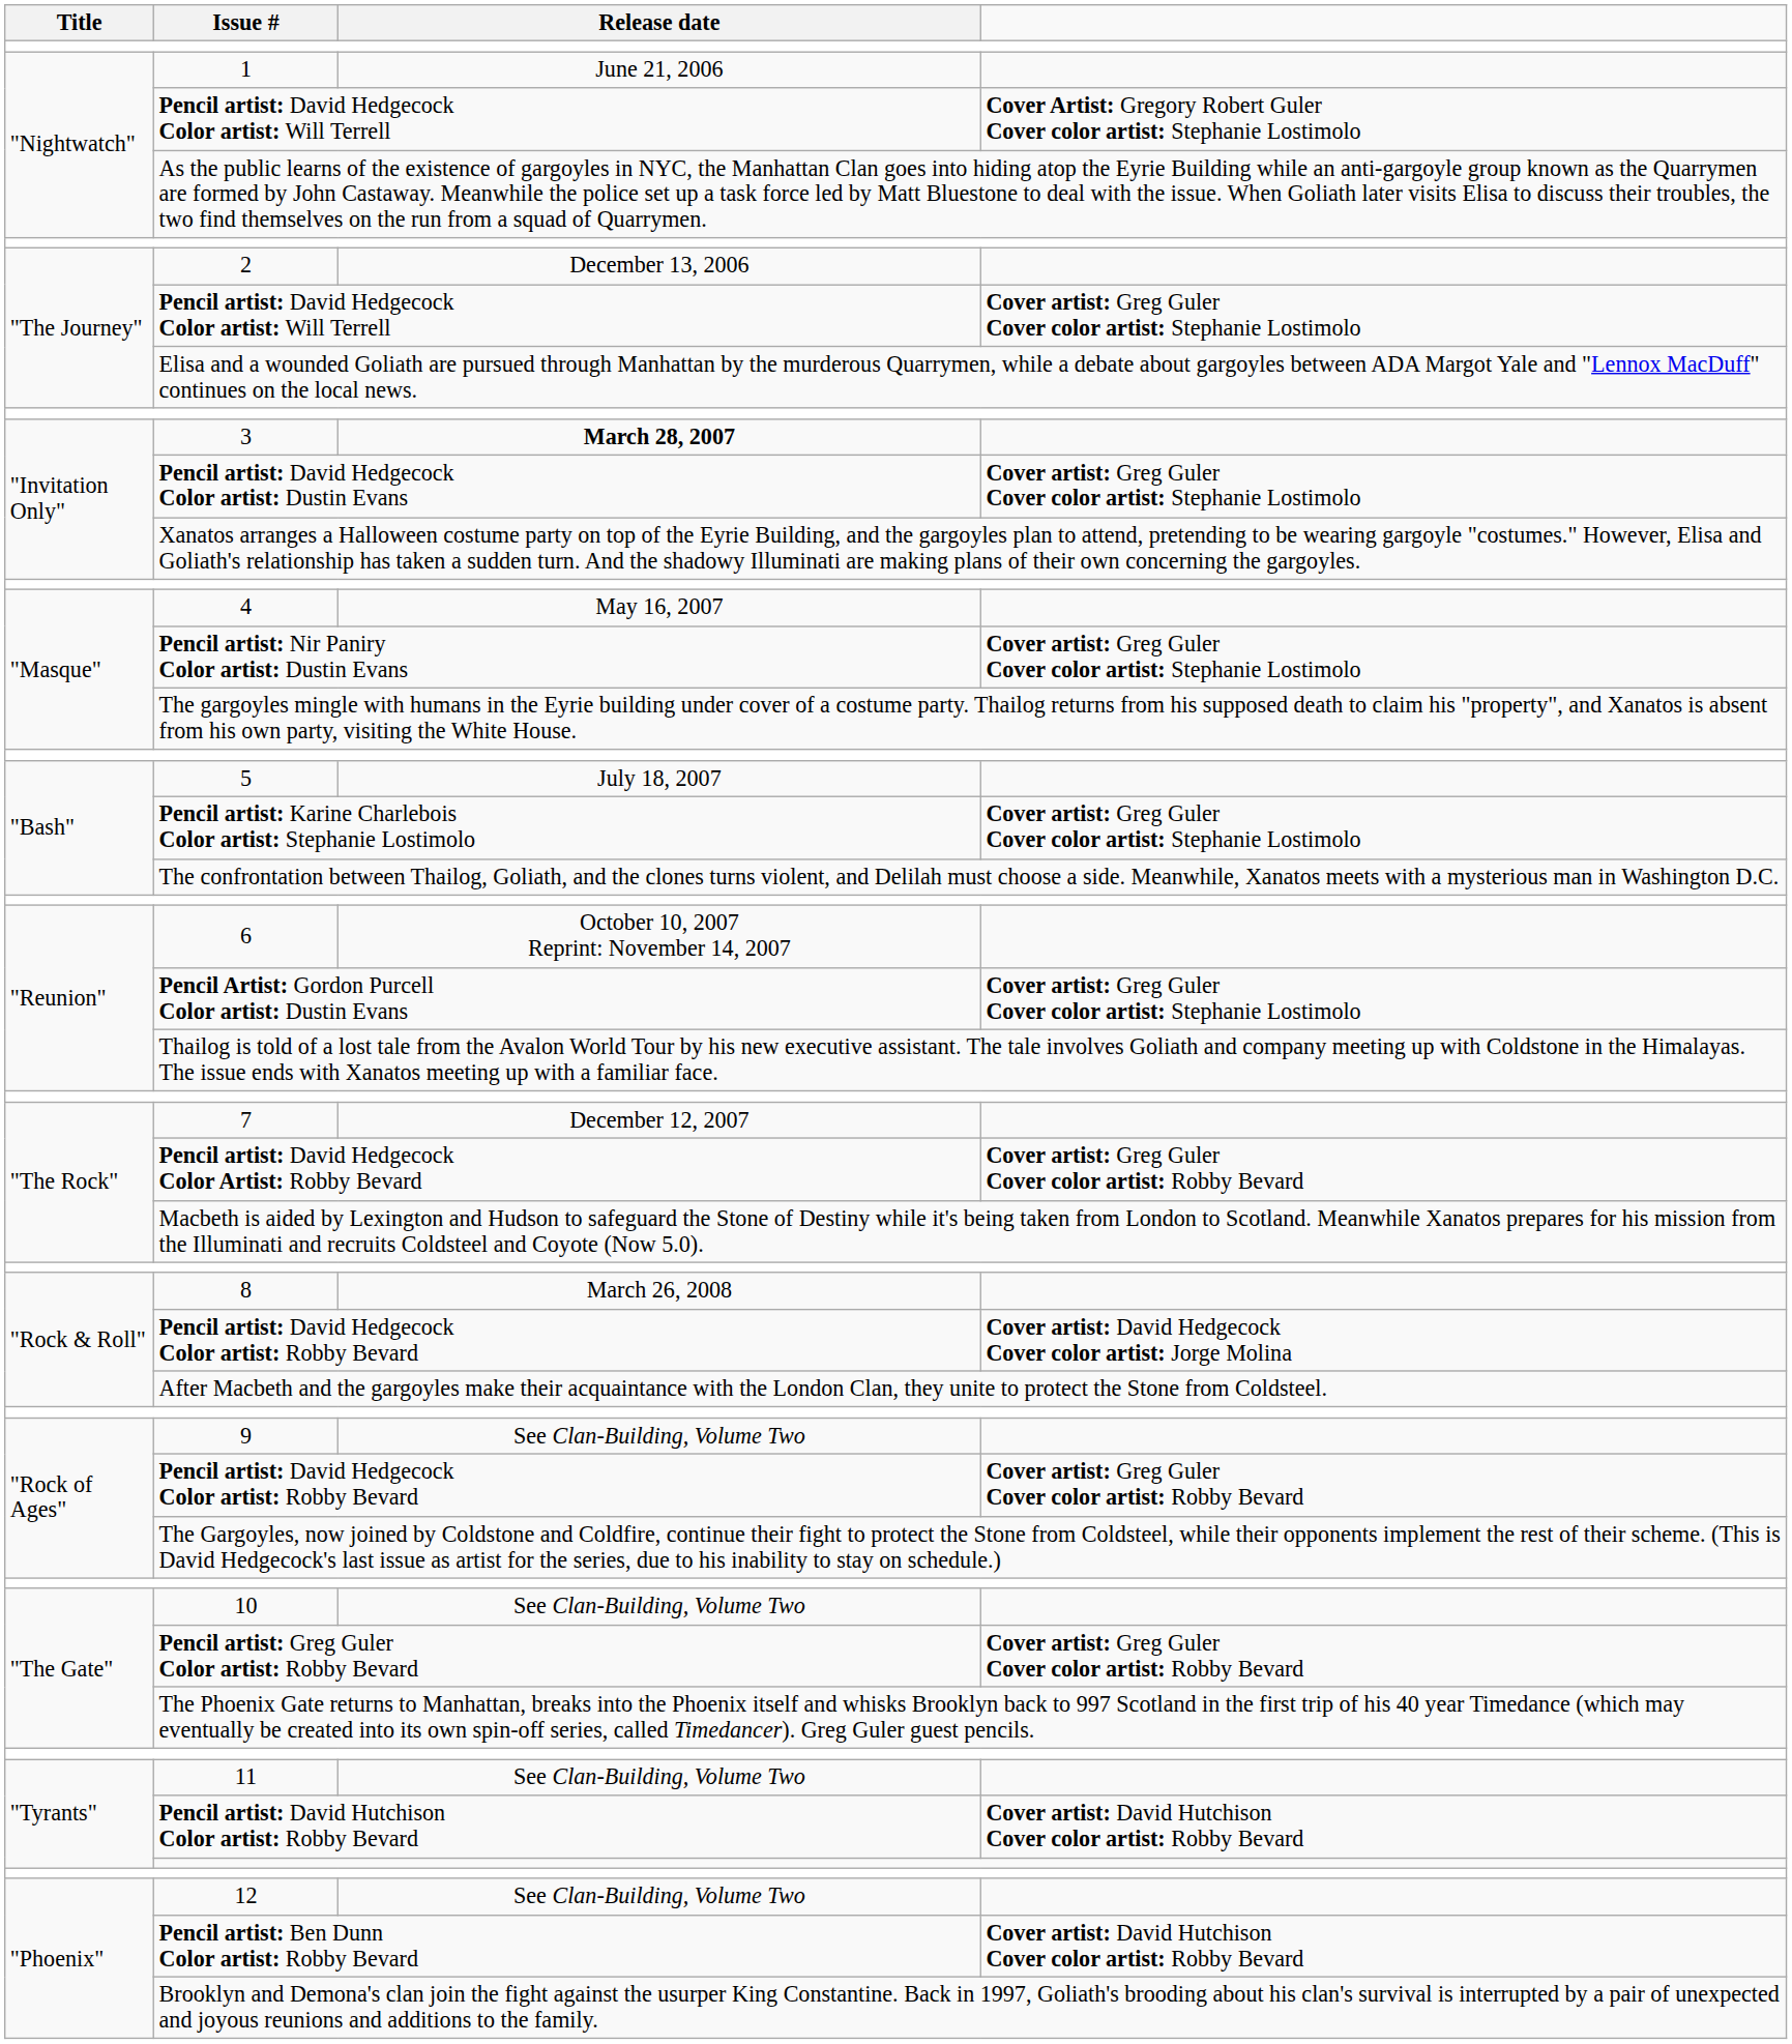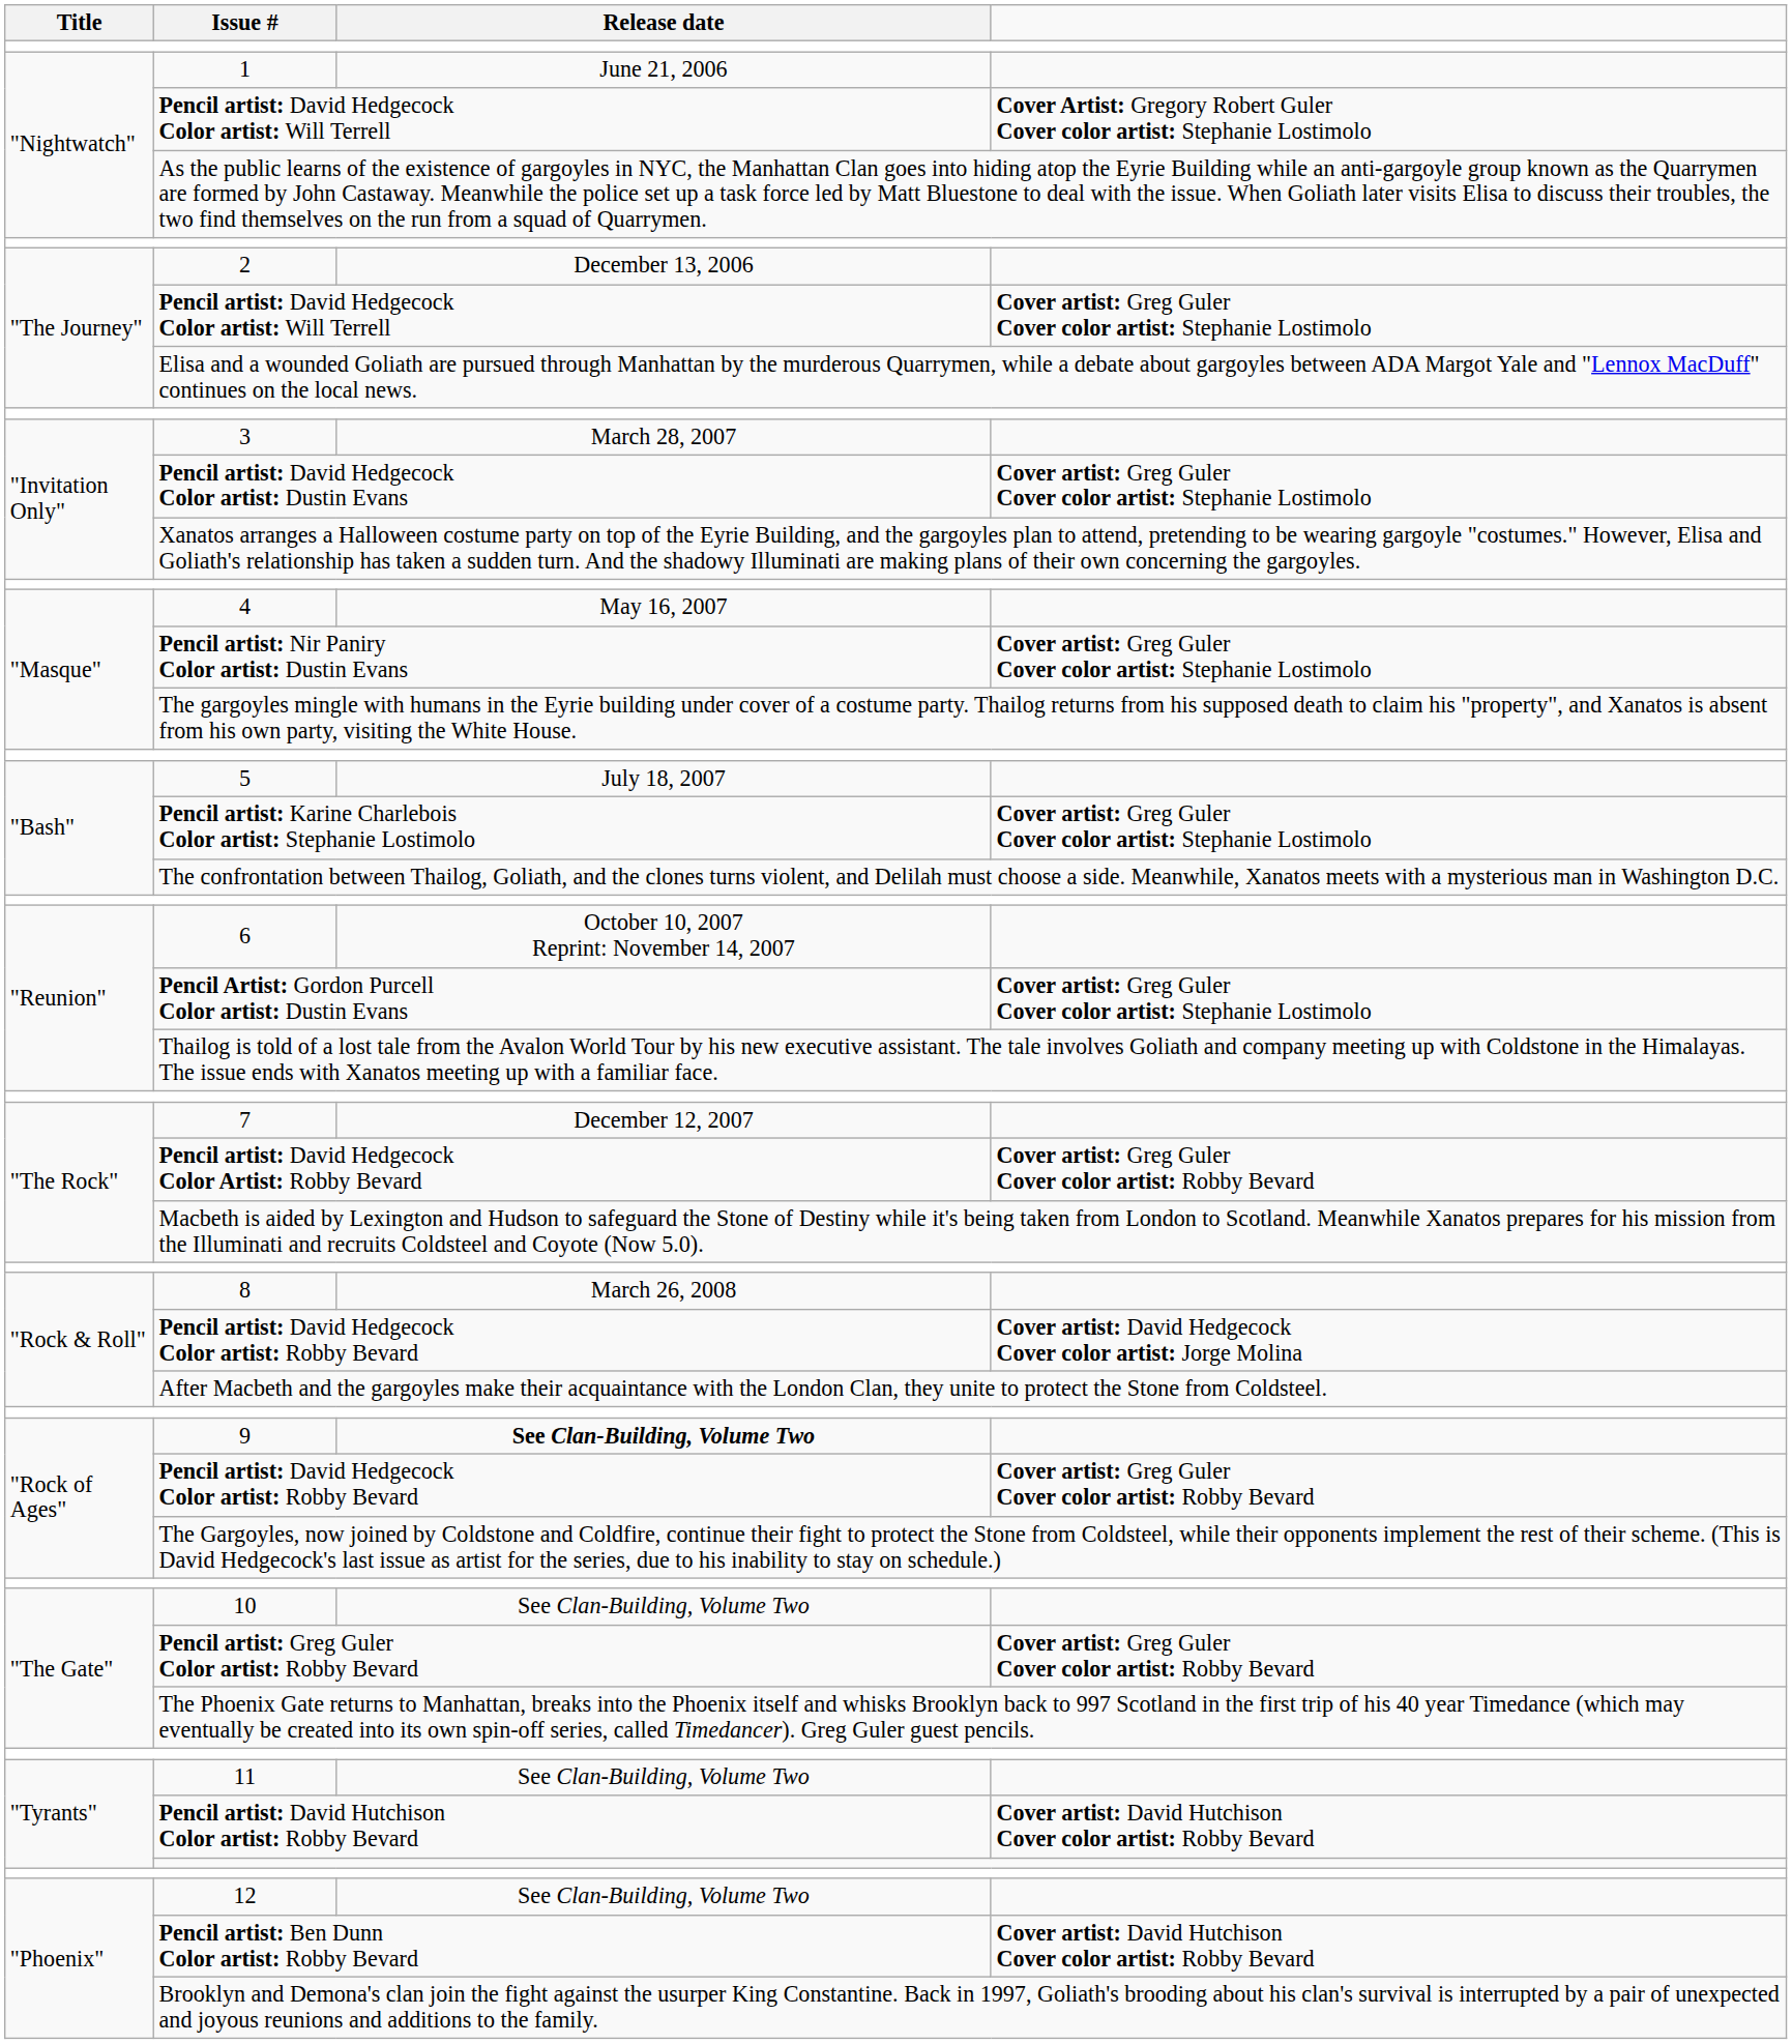 <table class="wikitable">
 <tr>
 <th>Title</th>
 <th>Issue #</th>
 <th>Release date</th>
 </tr>
 <tr>
 <td colspan="6" bgcolor="#FFFFFF"></td>
 </tr>
 <tr>
 <td colspan="1" rowspan="3">"Nightwatch"</td>
 <td align="center">1</td>
 <td align="center">June 21, 2006</td>
 </tr>
 <tr>
 <td colspan="2" rowspan="1"><strong>Pencil artist:</strong> David Hedgecock<br> <strong>Color artist:</strong> Will Terrell</td>
 <td><strong>Cover Artist:</strong> Gregory Robert Guler<br> <strong>Cover color artist:</strong> Stephanie Lostimolo</td>
 </tr>
 <tr>
 <td colspan="6">As the public learns of the existence of gargoyles in NYC, the Manhattan Clan goes into hiding atop the Eyrie Building while an anti-gargoyle group known as the Quarrymen are formed by John Castaway. Meanwhile the police set up a task force led by Matt Bluestone to deal with the issue. When Goliath later visits Elisa to discuss their troubles, the two find themselves on the run from a squad of Quarrymen.</td>
 </tr>
 <tr>
 <td colspan="6" bgcolor="#FFFFFF"></td>
 </tr>
 <tr>
 <td colspan="1" rowspan="3">"The Journey"</td>
 <td align="center">2</td>
 <td align="center">December 13, 2006</td>
 </tr>
 <tr>
 <td colspan="2" rowspan="1"><strong>Pencil artist:</strong> David Hedgecock<br> <strong>Color artist:</strong> Will Terrell</td>
 <td><strong>Cover artist:</strong> Greg Guler<br> <strong>Cover color artist:</strong> Stephanie Lostimolo</td>
 </tr>
 <tr>
 <td colspan="6">Elisa and a wounded Goliath are pursued through Manhattan by the murderous Quarrymen, while a debate about gargoyles between ADA Margot Yale and "<a href='#'>Lennox MacDuff</a>" continues on the local news.</td>
 </tr>
 <tr>
 <td colspan="6" bgcolor="#FFFFFF"></td>
 </tr>
 <tr>
 <td colspan="1" rowspan="3">"Invitation Only"</td>
 <td align="center">3</td>
-<td align="center"><strong>March 28, 2007</strong></td>
+<td align="center">March 28, 2007</td>
 </tr>
 <tr>
 <td colspan="2" rowspan="1"><strong>Pencil artist:</strong> David Hedgecock<br> <strong>Color artist:</strong> Dustin Evans</td>
 <td><strong>Cover artist:</strong> Greg Guler<br> <strong>Cover color artist:</strong> Stephanie Lostimolo</td>
 </tr>
 <tr>
 <td colspan="6">Xanatos arranges a Halloween costume party on top of the Eyrie Building, and the gargoyles plan to attend, pretending to be wearing gargoyle "costumes." However, Elisa and Goliath's relationship has taken a sudden turn. And the shadowy Illuminati are making plans of their own concerning the gargoyles.</td>
 </tr>
 <tr>
 <td colspan="6" bgcolor="#FFFFFF"></td>
 </tr>
 <tr>
 <td colspan="1" rowspan="3">"Masque"</td>
 <td align="center">4</td>
 <td align="center">May 16, 2007</td>
 </tr>
 <tr>
 <td colspan="2" rowspan="1"><strong>Pencil artist:</strong> Nir Paniry<br> <strong>Color artist:</strong> Dustin Evans</td>
 <td><strong>Cover artist:</strong> Greg Guler<br> <strong>Cover color artist:</strong> Stephanie Lostimolo</td>
 </tr>
 <tr>
 <td colspan="6">The gargoyles mingle with humans in the Eyrie building under cover of a costume party. Thailog returns from his supposed death to claim his "property", and Xanatos is absent from his own party, visiting the White House.</td>
 </tr>
 <tr>
 <td colspan="6" bgcolor="#FFFFFF"></td>
 </tr>
 <tr>
 <td colspan="1" rowspan="3">"Bash"</td>
 <td align="center">5</td>
 <td align="center">July 18, 2007</td>
 </tr>
 <tr>
 <td colspan="2" rowspan="1"><strong>Pencil artist:</strong> Karine Charlebois<br> <strong>Color artist:</strong> Stephanie Lostimolo</td>
 <td><strong>Cover artist:</strong> Greg Guler<br> <strong>Cover color artist:</strong> Stephanie Lostimolo</td>
 </tr>
 <tr>
 <td colspan="6">The confrontation between Thailog, Goliath, and the clones turns violent, and Delilah must choose a side. Meanwhile, Xanatos meets with a mysterious man in Washington D.C.</td>
 </tr>
 <tr>
 <td colspan="6" bgcolor="#FFFFFF"></td>
 </tr>
 <tr>
 <td colspan="1" rowspan="3">"Reunion"</td>
 <td align="center">6</td>
 <td align="center">October 10, 2007<br>Reprint: November 14, 2007</td>
 </tr>
 <tr>
 <td colspan="2" rowspan="1"><strong>Pencil Artist:</strong> Gordon Purcell<br> <strong>Color artist:</strong> Dustin Evans</td>
 <td><strong>Cover artist:</strong> Greg Guler<br> <strong>Cover color artist:</strong> Stephanie Lostimolo</td>
 </tr>
 <tr>
 <td colspan="6">Thailog is told of a lost tale from the Avalon World Tour by his new executive assistant. The tale involves Goliath and company meeting up with Coldstone in the Himalayas. The issue ends with Xanatos meeting up with a familiar face.</td>
 </tr>
 <tr>
 <td colspan="6" bgcolor="#FFFFFF"></td>
 </tr>
 <tr>
 <td colspan="1" rowspan="3">"The Rock"</td>
 <td align="center">7</td>
 <td align="center">December 12, 2007</td>
 </tr>
 <tr>
 <td colspan="2" rowspan="1"><strong>Pencil artist:</strong> David Hedgecock<br> <strong>Color Artist:</strong> Robby Bevard</td>
 <td><strong>Cover artist:</strong> Greg Guler<br> <strong>Cover color artist:</strong> Robby Bevard</td>
 </tr>
 <tr>
 <td colspan="6">Macbeth is aided by Lexington and Hudson to safeguard the Stone of Destiny while it's being taken from London to Scotland. Meanwhile Xanatos prepares for his mission from the Illuminati and recruits Coldsteel and Coyote (Now 5.0).</td>
 </tr>
 <tr>
 <td colspan="6" bgcolor="#FFFFFF"></td>
 </tr>
 <tr>
 <td colspan="1" rowspan="3">"Rock & Roll"</td>
 <td align="center">8</td>
 <td align="center">March 26, 2008</td>
 </tr>
 <tr>
 <td colspan="2" rowspan="1"><strong>Pencil artist:</strong> David Hedgecock<br> <strong>Color artist:</strong> Robby Bevard</td>
 <td><strong>Cover artist:</strong> David Hedgecock<br> <strong>Cover color artist:</strong> Jorge Molina</td>
 </tr>
 <tr>
 <td colspan="6">After Macbeth and the gargoyles make their acquaintance with the London Clan, they unite to protect the Stone from Coldsteel.</td>
 </tr>
 <tr>
 <td colspan="6" bgcolor="#FFFFFF"></td>
 </tr>
 <tr>
 <td colspan="1" rowspan="3">"Rock of Ages"</td>
 <td align="center">9</td>
-<td align="center">See <em>Clan-Building, Volume Two</em></td>
+<td align="center"><strong>See <em>Clan-Building, Volume Two</em></strong></td>
 </tr>
 <tr>
 <td colspan="2" rowspan="1"><strong>Pencil artist:</strong> David Hedgecock<br> <strong>Color artist:</strong> Robby Bevard</td>
 <td><strong>Cover artist:</strong> Greg Guler<br> <strong>Cover color artist:</strong> Robby Bevard</td>
 </tr>
 <tr>
 <td colspan="6">The Gargoyles, now joined by Coldstone and Coldfire, continue their fight to protect the Stone from Coldsteel, while their opponents implement the rest of their scheme.  (This is David Hedgecock's last issue as artist for the series, due to his inability to stay on schedule.)</td>
 </tr>
 <tr>
 <td colspan="6" bgcolor="#FFFFFF"></td>
 </tr>
 <tr>
 <td colspan="1" rowspan="3">"The Gate"</td>
 <td align="center">10</td>
 <td align="center">See <em>Clan-Building, Volume Two</em></td>
 </tr>
 <tr>
 <td colspan="2" rowspan="1"><strong>Pencil artist:</strong> Greg Guler<br> <strong>Color artist:</strong> Robby Bevard</td>
 <td><strong>Cover artist:</strong> Greg Guler<br> <strong>Cover color artist:</strong> Robby Bevard</td>
 </tr>
 <tr>
 <td colspan="6">The Phoenix Gate returns to Manhattan, breaks into the Phoenix itself and whisks Brooklyn back to 997 Scotland in the first trip of his 40 year Timedance (which may eventually be created into its own spin-off series, called <em>Timedancer</em>). Greg Guler guest pencils.</td>
 </tr>
 <tr>
 <td colspan="6" bgcolor="#FFFFFF"></td>
 </tr>
 <tr>
 <td colspan="1" rowspan="3">"Tyrants"</td>
 <td align="center">11</td>
 <td align="center">See <em>Clan-Building, Volume Two</em></td>
 </tr>
 <tr>
 <td colspan="2" rowspan="1"><strong>Pencil artist:</strong> David Hutchison<br> <strong>Color artist:</strong> Robby Bevard</td>
 <td><strong>Cover artist:</strong> David Hutchison<br> <strong>Cover color artist:</strong> Robby Bevard</td>
 </tr>
 <tr>
 <td colspan="6"></td>
 </tr>
 <tr>
 <td colspan="6" bgcolor="#FFFFFF"></td>
 </tr>
 <tr>
 <td colspan="1" rowspan="3">"Phoenix"</td>
 <td align="center">12</td>
 <td align="center">See <em>Clan-Building, Volume Two</em></td>
 </tr>
 <tr>
 <td colspan="2" rowspan="1"><strong>Pencil artist:</strong> Ben Dunn<br> <strong>Color artist:</strong> Robby Bevard</td>
 <td><strong>Cover artist:</strong> David Hutchison<br> <strong>Cover color artist:</strong> Robby Bevard</td>
 </tr>
 <tr>
 <td colspan="6">Brooklyn and Demona's clan join the fight against the usurper King Constantine.  Back in 1997, Goliath's brooding about his clan's survival is interrupted by a pair of unexpected and joyous reunions and additions to the family.</td>
 </tr>
 </table>
